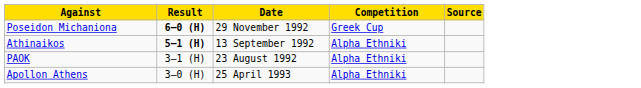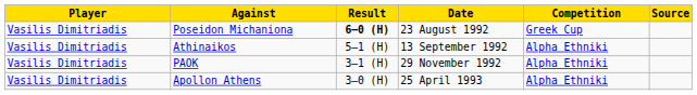 <table class="wikitable">
 <tr>
+<th width=200 style="background:#FFDE00">Player</th>
 <th width=200 style="background:#FFDE00">Against</th>
 <th width=70 style="background:#FFDE00">Result</th>
 <th width=150 style="background:#FFDE00">Date</th>
 <th width=150 style="background:#FFDE00">Competition</th>
 <th style="background:#FFDE00">Source</th>
 </tr>
 <tr>
+<td> <a href='#'>Vasilis Dimitriadis</a></td>
 <td> <a href='#'>Poseidon Michaniona</a></td>
 <td align=center><strong>6–0 (H)</strong></td>
-<td>29 November 1992</td>
+<td>23 August 1992</td>
 <td><a href='#'>Greek Cup</a></td>
 <td align=center></td>
 </tr>
 <tr>
+<td> <a href='#'>Vasilis Dimitriadis</a></td>
 <td> <a href='#'>Athinaikos</a></td>
-<td align=center><strong>5–1 (H)</strong></td>
+<td align=center>5–1 (H)</td>
 <td>13 September 1992</td>
 <td><a href='#'>Alpha Ethniki</a></td>
 <td align=center></td>
 </tr>
 <tr>
+<td> <a href='#'>Vasilis Dimitriadis</a></td>
 <td> <a href='#'>PAOK</a></td>
 <td align=center>3–1 (H)</td>
-<td>23 August 1992</td>
+<td>29 November 1992</td>
 <td><a href='#'>Alpha Ethniki</a></td>
 <td align=center></td>
 </tr>
 <tr>
+<td> <a href='#'>Vasilis Dimitriadis</a></td>
 <td> <a href='#'>Apollon Athens</a></td>
 <td align=center>3–0 (Η)</td>
 <td>25 April 1993</td>
 <td><a href='#'>Alpha Ethniki</a></td>
 <td align=center></td>
 </tr>
 </table>
